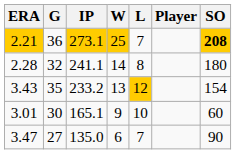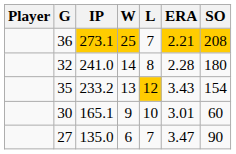 <table class="wikitable sortable">
 <tr>
-<th>ERA</th>
+<th>Player</th>
 <th>G</th>
 <th>IP</th>
 <th>W</th>
 <th>L</th>
-<th>Player</th>
+<th>ERA</th>
 <th>SO</th>
 </tr>
 <tr align="center">
-<td bgcolor="#FFCC00">2.21</td>
+<td></td>
 <td>36</td>
 <td bgcolor="#FFCC00">273.1</td>
 <td bgcolor="#FFCC00">25</td>
 <td>7</td>
-<td></td>
-<td bgcolor="#FFCC00"><strong>208</strong></td>
+<td bgcolor="#FFCC00">2.21</td>
+<td bgcolor="#FFCC00">208</td>
 </tr>
 <tr align=center>
-<td>2.28</td>
+<td></td>
 <td>32</td>
-<td>241.1</td>
+<td>241.0</td>
 <td>14</td>
 <td>8</td>
-<td></td>
+<td>2.28</td>
 <td>180</td>
 </tr>
 <tr align=center>
-<td>3.43</td>
+<td></td>
 <td>35</td>
 <td>233.2</td>
 <td>13</td>
 <td bgcolor="#FFCC00">12</td>
-<td></td>
+<td>3.43</td>
 <td>154</td>
 </tr>
 <tr align="center">
-<td>3.01</td>
+<td></td>
 <td>30</td>
 <td>165.1</td>
 <td>9</td>
 <td>10</td>
-<td></td>
+<td>3.01</td>
 <td>60</td>
 </tr>
 <tr align="center">
-<td>3.47</td>
+<td></td>
 <td>27</td>
 <td>135.0</td>
 <td>6</td>
 <td>7</td>
-<td></td>
+<td>3.47</td>
 <td>90</td>
 </tr>
 </table>
